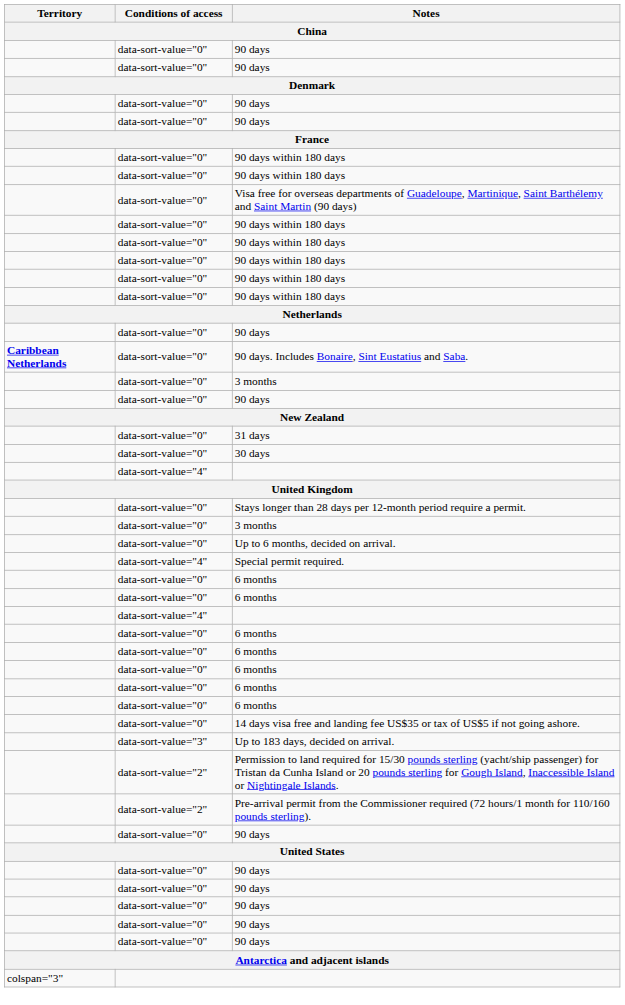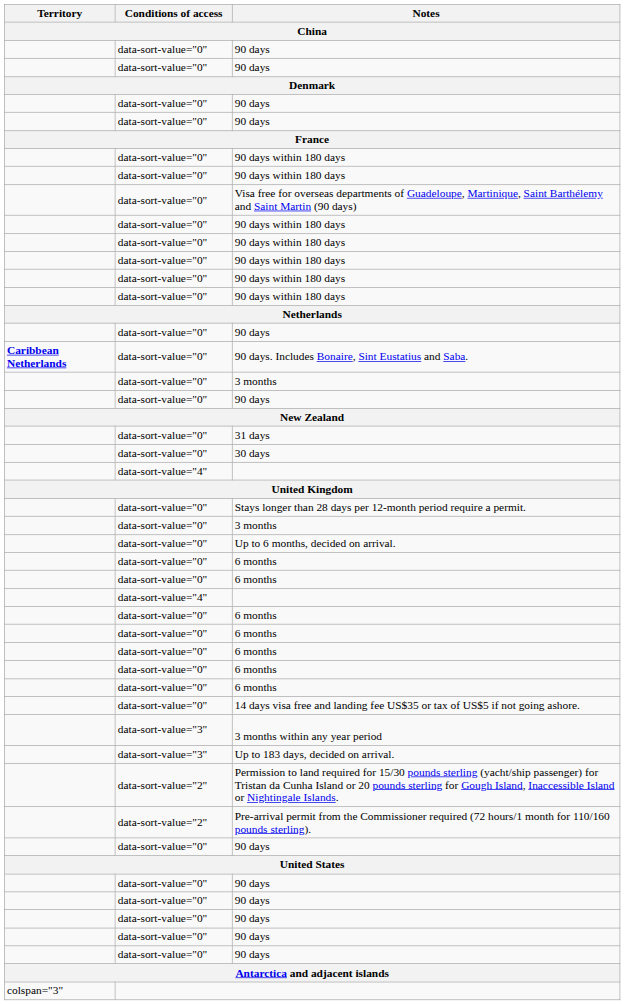 <table class="wikitable" style="text-align: left; table-layout: fixed;">
 <tr>
 <th style="width:18%;">Territory</th>
 <th style="width:19%;">Conditions of access</th>
 <th>Notes</th>
 </tr>
 <tr>
 <th colspan="3">China</th>
 </tr>
 <tr>
 <td></td>
 <td>data-sort-value="0" </td>
 <td>90 days</td>
 </tr>
 <tr>
 <td></td>
 <td>data-sort-value="0" </td>
 <td>90 days</td>
 </tr>
 <tr>
 <th colspan="3">Denmark</th>
 </tr>
 <tr>
 <td></td>
 <td>data-sort-value="0" </td>
 <td>90 days</td>
 </tr>
 <tr>
 <td></td>
 <td>data-sort-value="0" </td>
 <td>90 days</td>
 </tr>
 <tr>
 <th colspan="3">France</th>
 </tr>
 <tr>
 <td></td>
 <td>data-sort-value="0" </td>
 <td>90 days within 180 days</td>
 </tr>
 <tr>
 <td></td>
 <td>data-sort-value="0" </td>
 <td>90 days within 180 days</td>
 </tr>
 <tr>
 <td></td>
 <td>data-sort-value="0" </td>
 <td>Visa free for overseas departments of <a href='#'>Guadeloupe</a>, <a href='#'>Martinique</a>, <a href='#'>Saint Barthélemy</a> and <a href='#'>Saint Martin</a> (90 days)</td>
 </tr>
 <tr>
 <td></td>
 <td>data-sort-value="0" </td>
 <td>90 days within 180 days</td>
 </tr>
 <tr>
 <td></td>
 <td>data-sort-value="0" </td>
 <td>90 days within 180 days</td>
 </tr>
 <tr>
 <td></td>
 <td>data-sort-value="0" </td>
 <td>90 days within 180 days</td>
 </tr>
 <tr>
 <td></td>
 <td>data-sort-value="0" </td>
 <td>90 days within 180 days</td>
 </tr>
 <tr>
 <td></td>
 <td>data-sort-value="0" </td>
 <td>90 days within 180 days</td>
 </tr>
 <tr>
 <th colspan="3">Netherlands</th>
 </tr>
 <tr>
 <td></td>
 <td>data-sort-value="0" </td>
 <td>90 days</td>
 </tr>
 <tr>
 <td><strong> <a href='#'>Caribbean Netherlands</a></strong></td>
 <td>data-sort-value="0" </td>
 <td>90 days. Includes <a href='#'>Bonaire</a>, <a href='#'>Sint Eustatius</a> and <a href='#'>Saba</a>.</td>
 </tr>
 <tr>
 <td></td>
 <td>data-sort-value="0" </td>
 <td>3 months</td>
 </tr>
 <tr>
 <td></td>
 <td>data-sort-value="0" </td>
 <td>90 days</td>
 </tr>
 <tr>
 <th colspan="3">New Zealand</th>
 </tr>
 <tr>
 <td></td>
 <td>data-sort-value="0" </td>
 <td>31 days</td>
 </tr>
 <tr>
 <td></td>
 <td>data-sort-value="0" </td>
 <td>30 days</td>
 </tr>
 <tr>
 <td></td>
 <td>data-sort-value="4" </td>
 <td></td>
 </tr>
 <tr>
 <th colspan="3">United Kingdom</th>
 </tr>
 <tr>
 <td></td>
 <td>data-sort-value="0" </td>
 <td>Stays longer than 28 days per 12-month period require a permit.</td>
 </tr>
 <tr>
 <td></td>
 <td>data-sort-value="0" </td>
 <td>3 months</td>
 </tr>
 <tr>
 <td></td>
 <td>data-sort-value="0" </td>
 <td>Up to 6 months, decided on arrival.</td>
 </tr>
 <tr>
 <td></td>
-<td>data-sort-value="4" </td>
-<td>Special permit required.</td>
-</tr>
-<tr>
-<td></td>
 <td>data-sort-value="0" </td>
 <td>6 months</td>
 </tr>
 <tr>
 <td></td>
 <td>data-sort-value="0" </td>
 <td>6 months</td>
 </tr>
 <tr>
 <td></td>
 <td>data-sort-value="4" </td>
 <td></td>
 </tr>
 <tr>
 <td></td>
 <td>data-sort-value="0" </td>
 <td>6 months</td>
 </tr>
 <tr>
 <td></td>
 <td>data-sort-value="0" </td>
 <td>6 months</td>
 </tr>
 <tr>
 <td></td>
 <td>data-sort-value="0" </td>
 <td>6 months</td>
 </tr>
 <tr>
 <td></td>
 <td>data-sort-value="0" </td>
 <td>6 months</td>
 </tr>
 <tr>
 <td></td>
 <td>data-sort-value="0" </td>
 <td>6 months</td>
 </tr>
 <tr>
 <td></td>
 <td>data-sort-value="0" </td>
 <td>14 days visa free and landing fee US$35 or tax of US$5 if not going ashore.</td>
+</tr>
+<tr>
+<td></td>
+<td>data-sort-value="3" </td>
+<td><br>3 months within any year period</td>
 </tr>
 <tr>
 <td></td>
 <td>data-sort-value="3" </td>
 <td>Up to 183 days, decided on arrival.</td>
 </tr>
 <tr>
 <td></td>
 <td>data-sort-value="2" </td>
 <td>Permission to land required for 15/30 <a href='#'>pounds sterling</a> (yacht/ship passenger) for Tristan da Cunha Island or 20 <a href='#'>pounds sterling</a> for <a href='#'>Gough Island</a>, <a href='#'>Inaccessible Island</a> or <a href='#'>Nightingale Islands</a>.</td>
 </tr>
 <tr>
 <td></td>
 <td>data-sort-value="2" </td>
 <td>Pre-arrival permit from the Commissioner required (72 hours/1 month for 110/160 <a href='#'>pounds sterling</a>).</td>
 </tr>
 <tr>
 <td></td>
 <td>data-sort-value="0" </td>
 <td>90 days</td>
 </tr>
 <tr>
 <th colspan="3">United States</th>
 </tr>
 <tr>
 <td></td>
 <td>data-sort-value="0" </td>
 <td>90 days</td>
 </tr>
 <tr>
 <td></td>
 <td>data-sort-value="0" </td>
 <td>90 days</td>
 </tr>
 <tr>
 <td></td>
 <td>data-sort-value="0" </td>
 <td>90 days</td>
 </tr>
 <tr>
 <td></td>
 <td>data-sort-value="0" </td>
 <td>90 days</td>
 </tr>
 <tr>
 <td></td>
 <td>data-sort-value="0" </td>
 <td>90 days</td>
 </tr>
 <tr>
 <th colspan="3"><a href='#'>Antarctica</a> and adjacent islands</th>
 </tr>
 <tr>
 <td>colspan="3" </td>
 </tr>
 </table>
